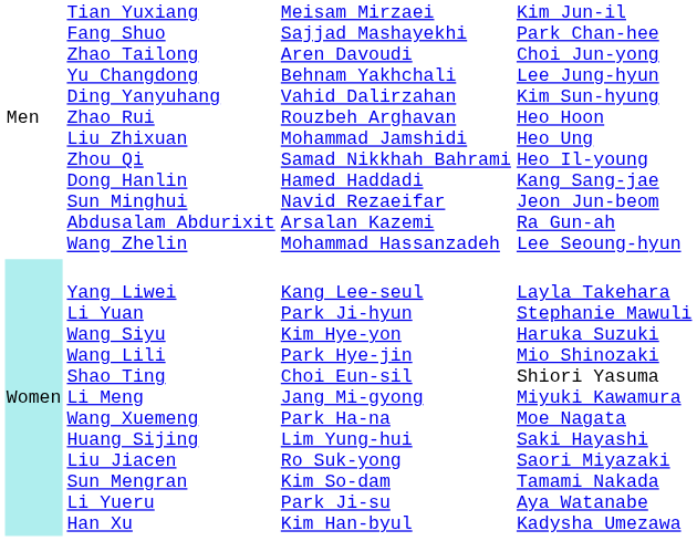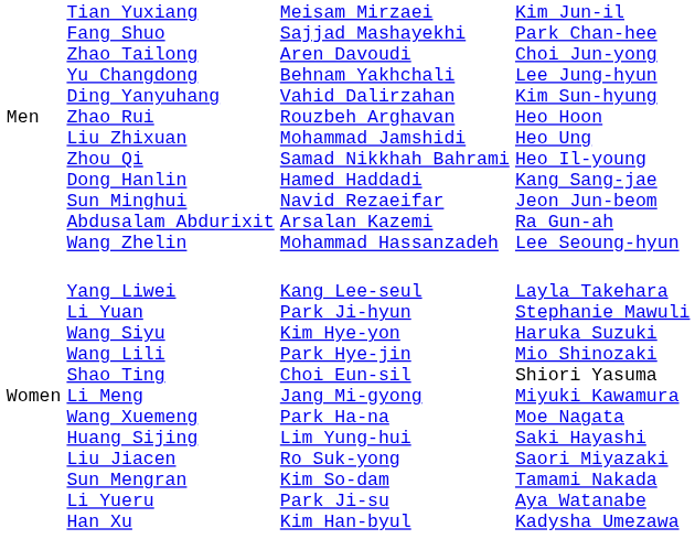 <table>
 <tr>
 <td>Men<br></td>
 <td><br><a href='#'>Tian Yuxiang</a><br><a href='#'>Fang Shuo</a><br><a href='#'>Zhao Tailong</a><br><a href='#'>Yu Changdong</a><br><a href='#'>Ding Yanyuhang</a><br><a href='#'>Zhao Rui</a><br><a href='#'>Liu Zhixuan</a><br><a href='#'>Zhou Qi</a><br><a href='#'>Dong Hanlin</a><br><a href='#'>Sun Minghui</a><br><a href='#'>Abdusalam Abdurixit</a><br><a href='#'>Wang Zhelin</a></td>
 <td><br><a href='#'>Meisam Mirzaei</a><br><a href='#'>Sajjad Mashayekhi</a><br><a href='#'>Aren Davoudi</a><br><a href='#'>Behnam Yakhchali</a><br><a href='#'>Vahid Dalirzahan</a><br><a href='#'>Rouzbeh Arghavan</a><br><a href='#'>Mohammad Jamshidi</a><br><a href='#'>Samad Nikkhah Bahrami</a><br><a href='#'>Hamed Haddadi</a><br><a href='#'>Navid Rezaeifar</a><br><a href='#'>Arsalan Kazemi</a><br><a href='#'>Mohammad Hassanzadeh</a></td>
 <td><br><a href='#'>Kim Jun-il</a><br><a href='#'>Park Chan-hee</a><br><a href='#'>Choi Jun-yong</a><br><a href='#'>Lee Jung-hyun</a><br><a href='#'>Kim Sun-hyung</a><br><a href='#'>Heo Hoon</a><br><a href='#'>Heo Ung</a><br><a href='#'>Heo Il-young</a><br><a href='#'>Kang Sang-jae</a><br><a href='#'>Jeon Jun-beom</a><br><a href='#'>Ra Gun-ah</a><br><a href='#'>Lee Seoung-hyun</a></td>
 </tr>
 <tr>
-<td style="background: paleturquoise;">Women<br></td>
+<td>Women<br></td>
 <td><br><a href='#'>Yang Liwei</a><br><a href='#'>Li Yuan</a><br><a href='#'>Wang Siyu</a><br><a href='#'>Wang Lili</a><br><a href='#'>Shao Ting</a><br><a href='#'>Li Meng</a><br><a href='#'>Wang Xuemeng</a><br><a href='#'>Huang Sijing</a><br><a href='#'>Liu Jiacen</a><br><a href='#'>Sun Mengran</a><br><a href='#'>Li Yueru</a><br><a href='#'>Han Xu</a></td>
 <td><br><a href='#'>Kang Lee-seul</a><br><a href='#'>Park Ji-hyun</a><br><a href='#'>Kim Hye-yon</a><br><a href='#'>Park Hye-jin</a><br><a href='#'>Choi Eun-sil</a><br><a href='#'>Jang Mi-gyong</a><br><a href='#'>Park Ha-na</a><br><a href='#'>Lim Yung-hui</a><br><a href='#'>Ro Suk-yong</a><br><a href='#'>Kim So-dam</a><br><a href='#'>Park Ji-su</a><br><a href='#'>Kim Han-byul</a></td>
 <td><br><a href='#'>Layla Takehara</a><br><a href='#'>Stephanie Mawuli</a><br><a href='#'>Haruka Suzuki</a><br><a href='#'>Mio Shinozaki</a><br>Shiori Yasuma<br><a href='#'>Miyuki Kawamura</a><br><a href='#'>Moe Nagata</a><br><a href='#'>Saki Hayashi</a><br><a href='#'>Saori Miyazaki</a><br><a href='#'>Tamami Nakada</a><br><a href='#'>Aya Watanabe</a><br><a href='#'>Kadysha Umezawa</a></td>
 </tr>
 </table>
